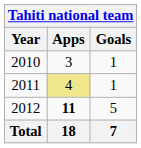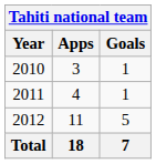 <table class="wikitable" style="text-align:center">
 <tr>
 <th colspan=3><a href='#'>Tahiti national team</a></th>
 </tr>
 <tr>
 <th>Year</th>
 <th>Apps</th>
 <th>Goals</th>
 </tr>
 <tr>
 <td>2010</td>
 <td>3</td>
 <td>1</td>
 </tr>
 <tr>
 <td>2011</td>
-<td style="background: khaki;">4</td>
+<td>4</td>
 <td>1</td>
 </tr>
 <tr>
 <td>2012</td>
-<td><strong>11</strong></td>
+<td>11</td>
 <td>5</td>
 </tr>
 <tr>
 <th>Total</th>
 <th>18</th>
 <th>7</th>
 </tr>
 </table>
